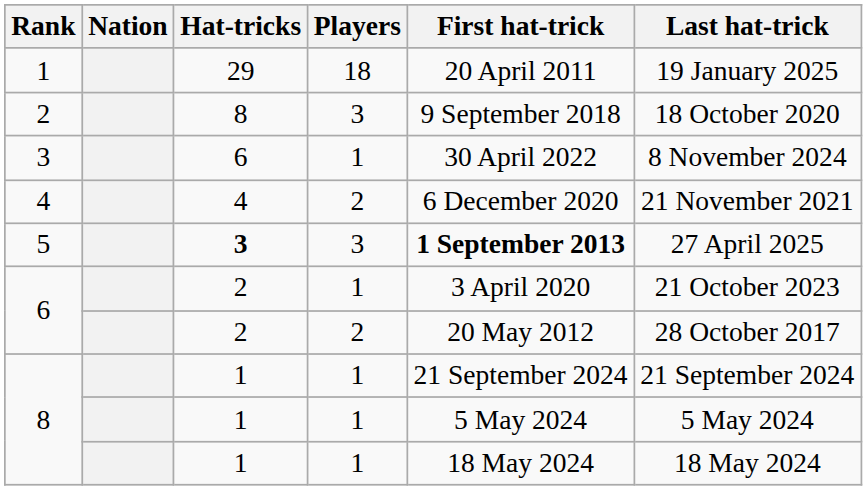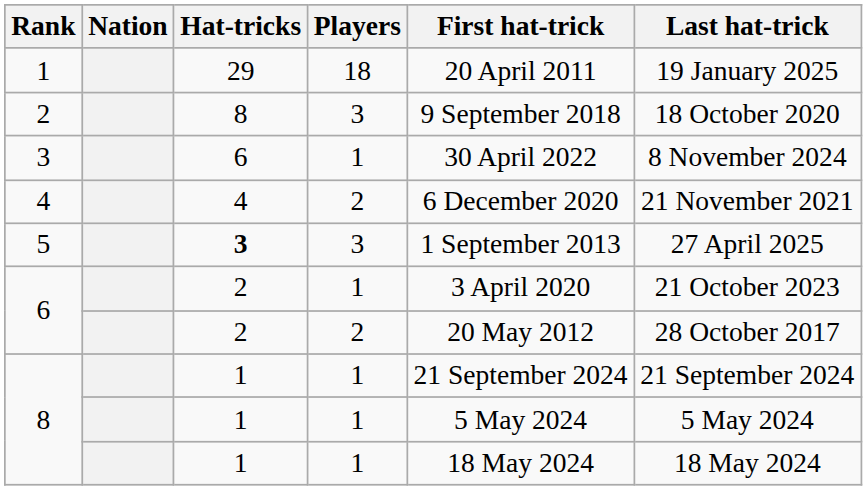 <table class="wikitable sortable plainrowheaders" style="text-align:center">
 <tr>
 <th scope="col">Rank</th>
 <th scope="col">Nation</th>
 <th scope="col">Hat-tricks</th>
 <th scope="col">Players</th>
 <th scope="col">First hat-trick</th>
 <th scope="col">Last hat-trick</th>
 </tr>
 <tr>
 <td>1</td>
 <th scope="row"></th>
 <td>29</td>
 <td>18</td>
 <td>20 April 2011</td>
 <td>19 January 2025</td>
 </tr>
 <tr>
 <td>2</td>
 <th scope="row"></th>
 <td>8</td>
 <td>3</td>
 <td>9 September 2018</td>
 <td>18 October 2020</td>
 </tr>
 <tr>
 <td>3</td>
 <th scope="row"></th>
 <td>6</td>
 <td>1</td>
 <td>30 April 2022</td>
 <td>8 November 2024</td>
 </tr>
 <tr>
 <td>4</td>
 <th scope="row"></th>
 <td>4</td>
 <td>2</td>
 <td>6 December 2020</td>
 <td>21 November 2021</td>
 </tr>
 <tr>
 <td>5</td>
 <th scope="row"></th>
 <td><strong>3</strong></td>
 <td>3</td>
-<td><strong>1 September 2013</strong></td>
+<td>1 September 2013</td>
 <td>27 April 2025</td>
 </tr>
 <tr>
 <td rowspan=2>6</td>
 <th scope="row"></th>
 <td>2</td>
 <td>1</td>
 <td>3 April 2020</td>
 <td>21 October 2023</td>
 </tr>
 <tr>
 <th scope="row"></th>
 <td>2</td>
 <td>2</td>
 <td>20 May 2012</td>
 <td>28 October 2017</td>
 </tr>
 <tr>
 <td rowspan=3>8</td>
 <th scope="row"></th>
 <td>1</td>
 <td>1</td>
 <td>21 September 2024</td>
 <td>21 September 2024</td>
 </tr>
 <tr>
 <th scope="row"></th>
 <td>1</td>
 <td>1</td>
 <td>5 May 2024</td>
 <td>5 May 2024</td>
 </tr>
 <tr>
 <th scope="row"></th>
 <td>1</td>
 <td>1</td>
 <td>18 May 2024</td>
 <td>18 May 2024</td>
 </tr>
 </table>
